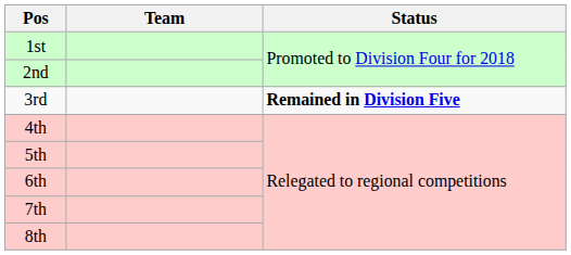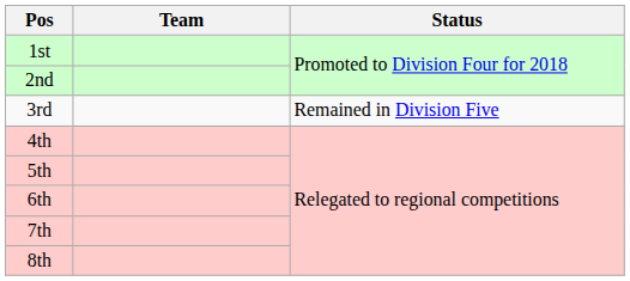 <table class="wikitable">
 <tr>
 <th width=50>Pos</th>
 <th width=175>Team</th>
 <th width=275>Status</th>
 </tr>
 <tr style="background:#cfc">
 <td align="center">1st</td>
 <td></td>
 <td rowspan=2>Promoted to <a href='#'>Division Four for 2018</a></td>
 </tr>
 <tr style="background:#cfc">
 <td align="center">2nd</td>
 <td></td>
 </tr>
 <tr>
 <td align="center">3rd</td>
 <td></td>
-<td><strong>Remained in <a href='#'>Division Five</a></strong></td>
+<td>Remained in <a href='#'>Division Five</a></td>
 </tr>
 <tr style="background:#fcc">
 <td align="center">4th</td>
 <td></td>
 <td rowspan=5>Relegated to regional competitions</td>
 </tr>
 <tr style="background:#fcc">
 <td align="center">5th</td>
 <td></td>
 </tr>
 <tr style="background:#fcc">
 <td align="center">6th</td>
 <td></td>
 </tr>
 <tr style="background:#fcc">
 <td align="center">7th</td>
 <td></td>
 </tr>
 <tr style="background:#fcc">
 <td align="center">8th</td>
 <td></td>
 </tr>
 </table>
